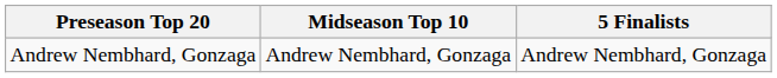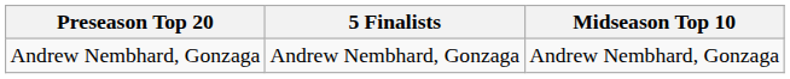 <table class="wikitable">
 <tr>
 <th>Preseason Top 20</th>
+<th>5 Finalists</th>
 <th>Midseason Top 10</th>
-<th>5 Finalists</th>
 </tr>
 <tr>
 <td>Andrew Nembhard, Gonzaga</td>
 <td>Andrew Nembhard, Gonzaga</td>
 <td>Andrew Nembhard, Gonzaga</td>
 </tr>
 </table>
